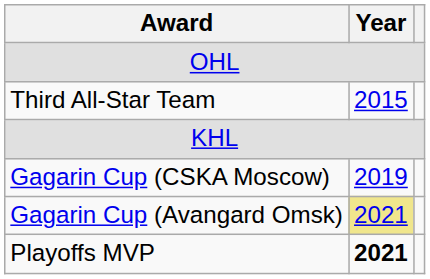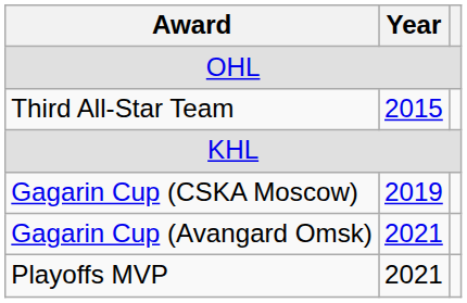 <table class="wikitable">
 <tr>
 <th>Award</th>
 <th>Year</th>
 <th></th>
 </tr>
 <tr ALIGN="center" bgcolor="#e0e0e0">
 <td colspan="3"><a href='#'>OHL</a></td>
 </tr>
 <tr>
 <td>Third All-Star Team</td>
 <td><a href='#'>2015</a></td>
 <td></td>
 </tr>
 <tr ALIGN="center" bgcolor="#e0e0e0">
 <td colspan="3"><a href='#'>KHL</a></td>
 </tr>
 <tr>
 <td><a href='#'>Gagarin Cup</a> (CSKA Moscow)</td>
 <td><a href='#'>2019</a></td>
 <td></td>
 </tr>
 <tr>
 <td><a href='#'>Gagarin Cup</a> (Avangard Omsk)</td>
-<td style="background: khaki;"><a href='#'>2021</a></td>
+<td><a href='#'>2021</a></td>
 <td></td>
 </tr>
 <tr>
 <td>Playoffs MVP</td>
-<td><strong>2021</strong></td>
+<td>2021</td>
 <td></td>
 </tr>
 </table>
